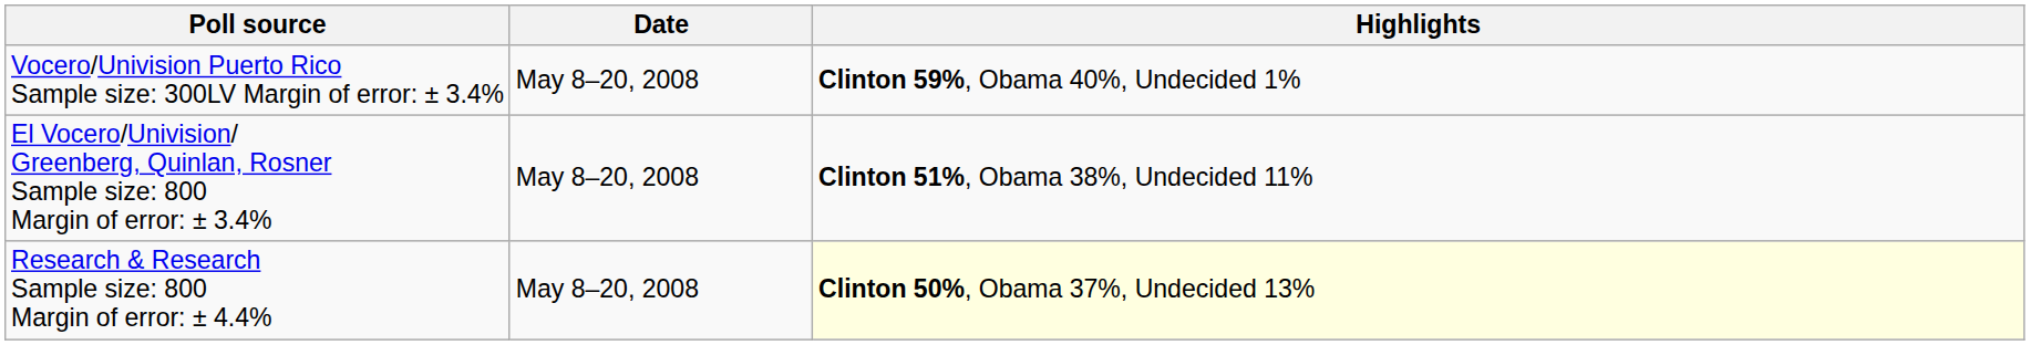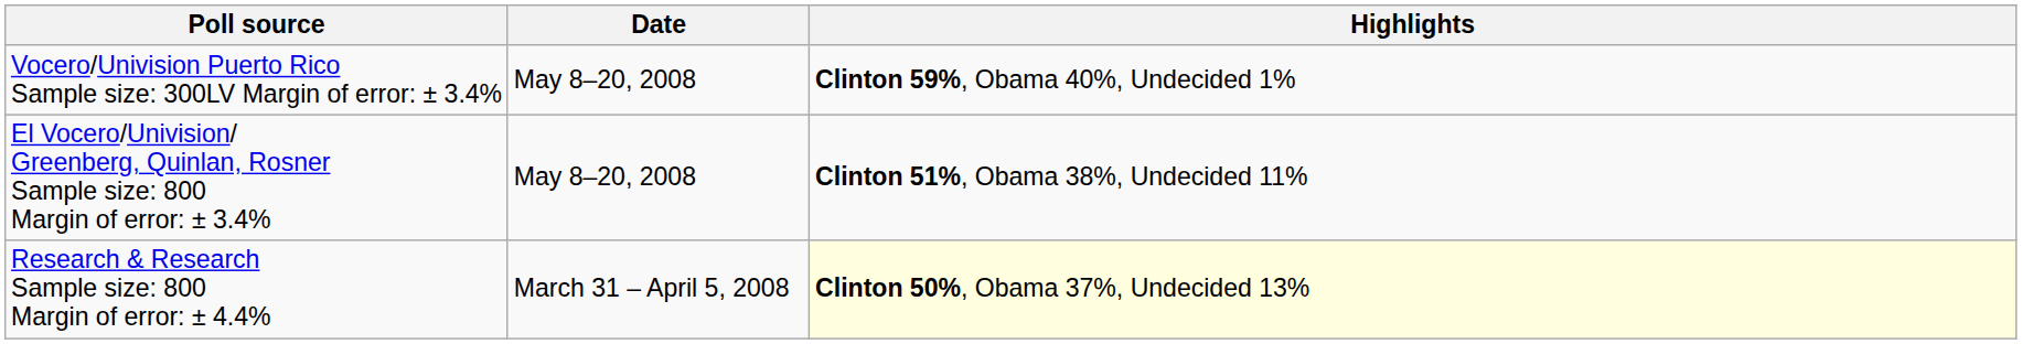 <table class="wikitable sortable">
 <tr>
 <th width="25%">Poll source</th>
 <th width="15%">Date</th>
 <th width="60%">Highlights</th>
 </tr>
 <tr>
 <td><a href='#'>Vocero</a>/<a href='#'>Univision Puerto Rico</a><br>Sample size: 300LV Margin of error: ± 3.4%</td>
 <td>May 8–20, 2008</td>
 <td><strong>Clinton 59%</strong>, Obama 40%, Undecided 1%</td>
 </tr>
 <tr>
 <td><a href='#'>El Vocero</a>/<a href='#'>Univision</a>/<a href='#'><br>Greenberg, Quinlan, Rosner</a><br>Sample size: 800<br> Margin of error: ± 3.4%</td>
 <td>May 8–20, 2008</td>
 <td><strong>Clinton 51%</strong>, Obama 38%, Undecided 11%</td>
 </tr>
 <tr>
 <td><a href='#'>Research & Research</a><br>Sample size: 800<br> Margin of error: ± 4.4%</td>
-<td>May 8–20, 2008</td>
+<td>March 31 – April 5, 2008</td>
 <td style="background: lightyellow;"><strong>Clinton 50%</strong>, Obama 37%, Undecided 13%</td>
 </tr>
 </table>
